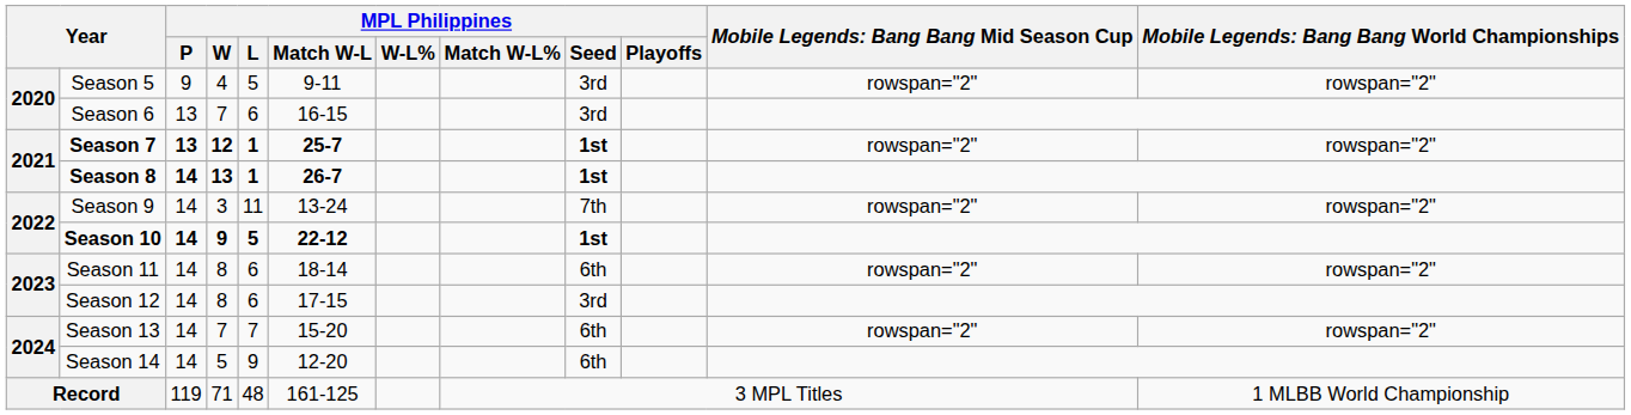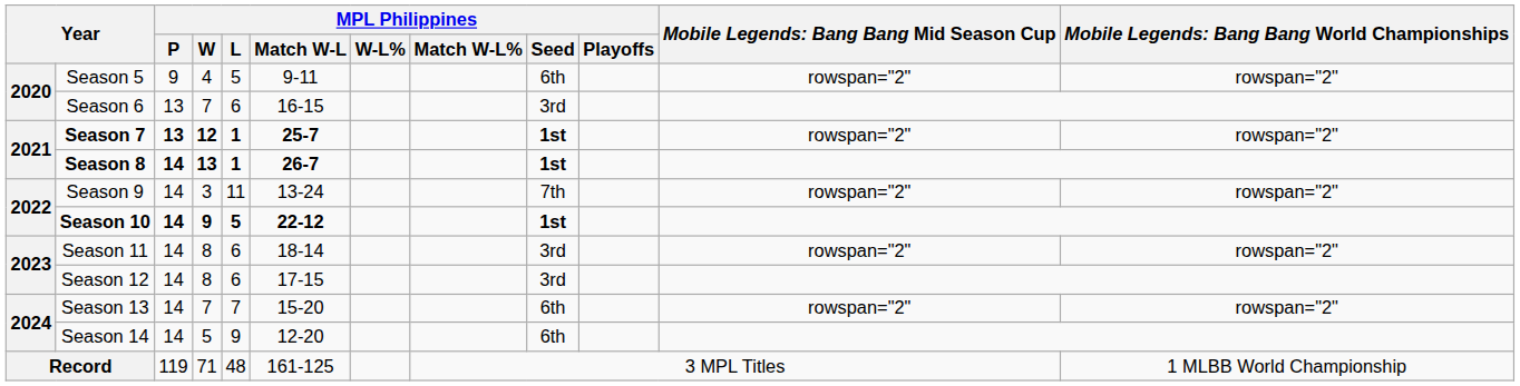 <table class="wikitable" style="text-align: center; margin-left: auto; margin-right: auto; font-size: 90%;">
 <tr>
 <th colspan="2" rowspan="2">Year</th>
 <th colspan="8"><a href='#'>MPL Philippines</a></th>
 <th rowspan="2"><em>Mobile Legends: Bang Bang</em> Mid Season Cup</th>
 <th rowspan="2"><em>Mobile Legends: Bang Bang</em> World Championships</th>
 </tr>
 <tr>
 <th>P</th>
 <th>W</th>
 <th>L</th>
 <th>Match W-L</th>
 <th>W-L%</th>
 <th>Match W-L%</th>
 <th>Seed</th>
 <th>Playoffs</th>
 </tr>
 <tr>
 <th rowspan="2">2020</th>
 <td>Season 5</td>
 <td>9</td>
 <td>4</td>
 <td>5</td>
 <td>9-11</td>
 <td></td>
 <td></td>
-<td>3rd</td>
+<td>6th</td>
 <td></td>
 <td>rowspan="2" </td>
 <td>rowspan="2" </td>
 </tr>
 <tr>
 <td>Season 6</td>
 <td>13</td>
 <td>7</td>
 <td>6</td>
 <td>16-15</td>
 <td></td>
 <td></td>
 <td>3rd</td>
 <td></td>
 </tr>
 <tr>
 <th rowspan="2">2021</th>
 <td><strong>Season 7</strong></td>
 <td><strong>13</strong></td>
 <td><strong>12</strong></td>
 <td><strong>1</strong></td>
 <td><strong>25-7</strong></td>
 <td><strong></strong></td>
 <td><strong></strong></td>
 <td><strong>1st</strong></td>
 <td></td>
 <td>rowspan="2" </td>
 <td>rowspan="2" </td>
 </tr>
 <tr>
 <td><strong>Season 8</strong></td>
 <td><strong>14</strong></td>
 <td><strong>13</strong></td>
 <td><strong>1</strong></td>
 <td><strong>26-7</strong></td>
 <td><strong></strong></td>
 <td><strong></strong></td>
 <td><strong>1st</strong></td>
 <td></td>
 </tr>
 <tr>
 <th rowspan="2">2022</th>
 <td>Season 9</td>
 <td>14</td>
 <td>3</td>
 <td>11</td>
 <td>13-24</td>
 <td></td>
 <td></td>
 <td>7th</td>
 <td></td>
 <td>rowspan="2" </td>
 <td>rowspan="2" </td>
 </tr>
 <tr>
 <td><strong>Season 10</strong></td>
 <td><strong>14</strong></td>
 <td><strong>9</strong></td>
 <td><strong>5</strong></td>
 <td><strong>22-12</strong></td>
 <td><strong></strong></td>
 <td><strong></strong></td>
 <td><strong>1st</strong></td>
 <td></td>
 </tr>
 <tr>
 <th rowspan="2">2023</th>
 <td>Season 11</td>
 <td>14</td>
 <td>8</td>
 <td>6</td>
 <td>18-14</td>
 <td></td>
 <td></td>
-<td>6th</td>
+<td>3rd</td>
 <td></td>
 <td>rowspan="2" </td>
 <td>rowspan="2" </td>
 </tr>
 <tr>
 <td>Season 12</td>
 <td>14</td>
 <td>8</td>
 <td>6</td>
 <td>17-15</td>
 <td></td>
 <td></td>
 <td>3rd</td>
 <td></td>
 </tr>
 <tr>
 <th rowspan="2">2024</th>
 <td>Season 13</td>
 <td>14</td>
 <td>7</td>
 <td>7</td>
 <td>15-20</td>
 <td></td>
 <td></td>
 <td>6th</td>
 <td></td>
 <td>rowspan="2" </td>
 <td>rowspan="2" </td>
 </tr>
 <tr>
 <td>Season 14</td>
 <td>14</td>
 <td>5</td>
 <td>9</td>
 <td>12-20</td>
 <td></td>
 <td></td>
 <td>6th</td>
 <td></td>
 </tr>
 <tr>
 <th colspan="2">Record</th>
 <td>119</td>
 <td>71</td>
 <td>48</td>
 <td>161-125</td>
 <td></td>
 <td colspan="4">3 MPL Titles</td>
 <td>1 MLBB World Championship</td>
 </tr>
 </table>
